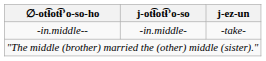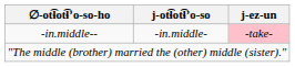 <table class="wikitable" style="text-align: center;">
 <tr>
 <th>∅-ot͡ɬot͡ɬʼo-so-ho</th>
 <th>j-ot͡ɬot͡ɬʼo-so</th>
 <th>j-ez-un</th>
 </tr>
 <tr>
 <td><span></span>-<em>in.middle</em>-<span></span>-<span></span></td>
 <td><span></span>-<em>in.middle</em>-<span></span></td>
-<td><span></span>-<em>take</em>-<span></span></td>
+<td style="background: pink;"><span></span>-<em>take</em>-<span></span></td>
 </tr>
 <tr>
 <td colspan="3"><em>"The middle (brother) married the (other) middle (sister)."</em></td>
 </tr>
 </table>
